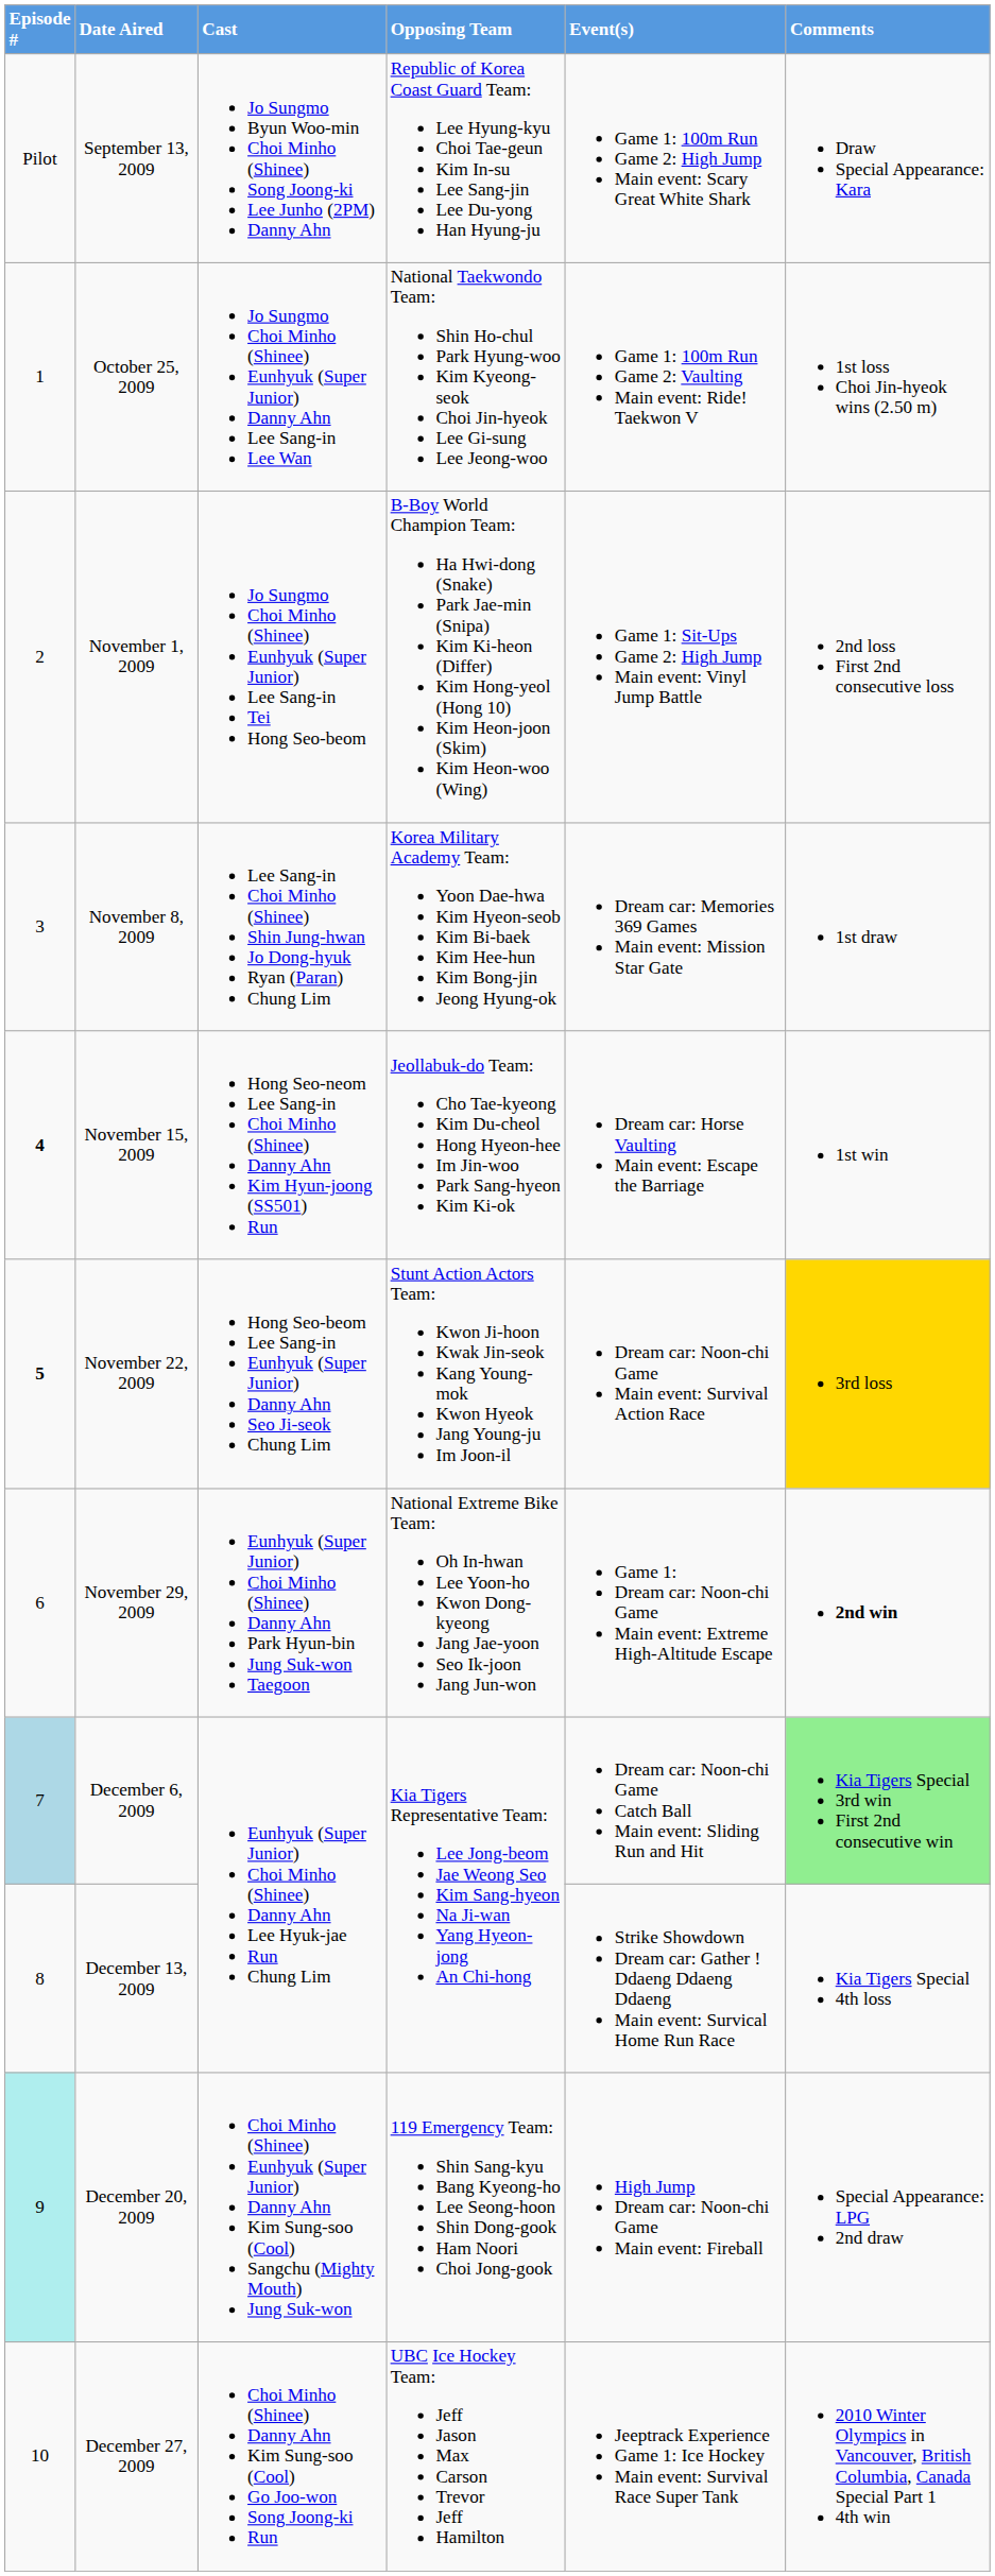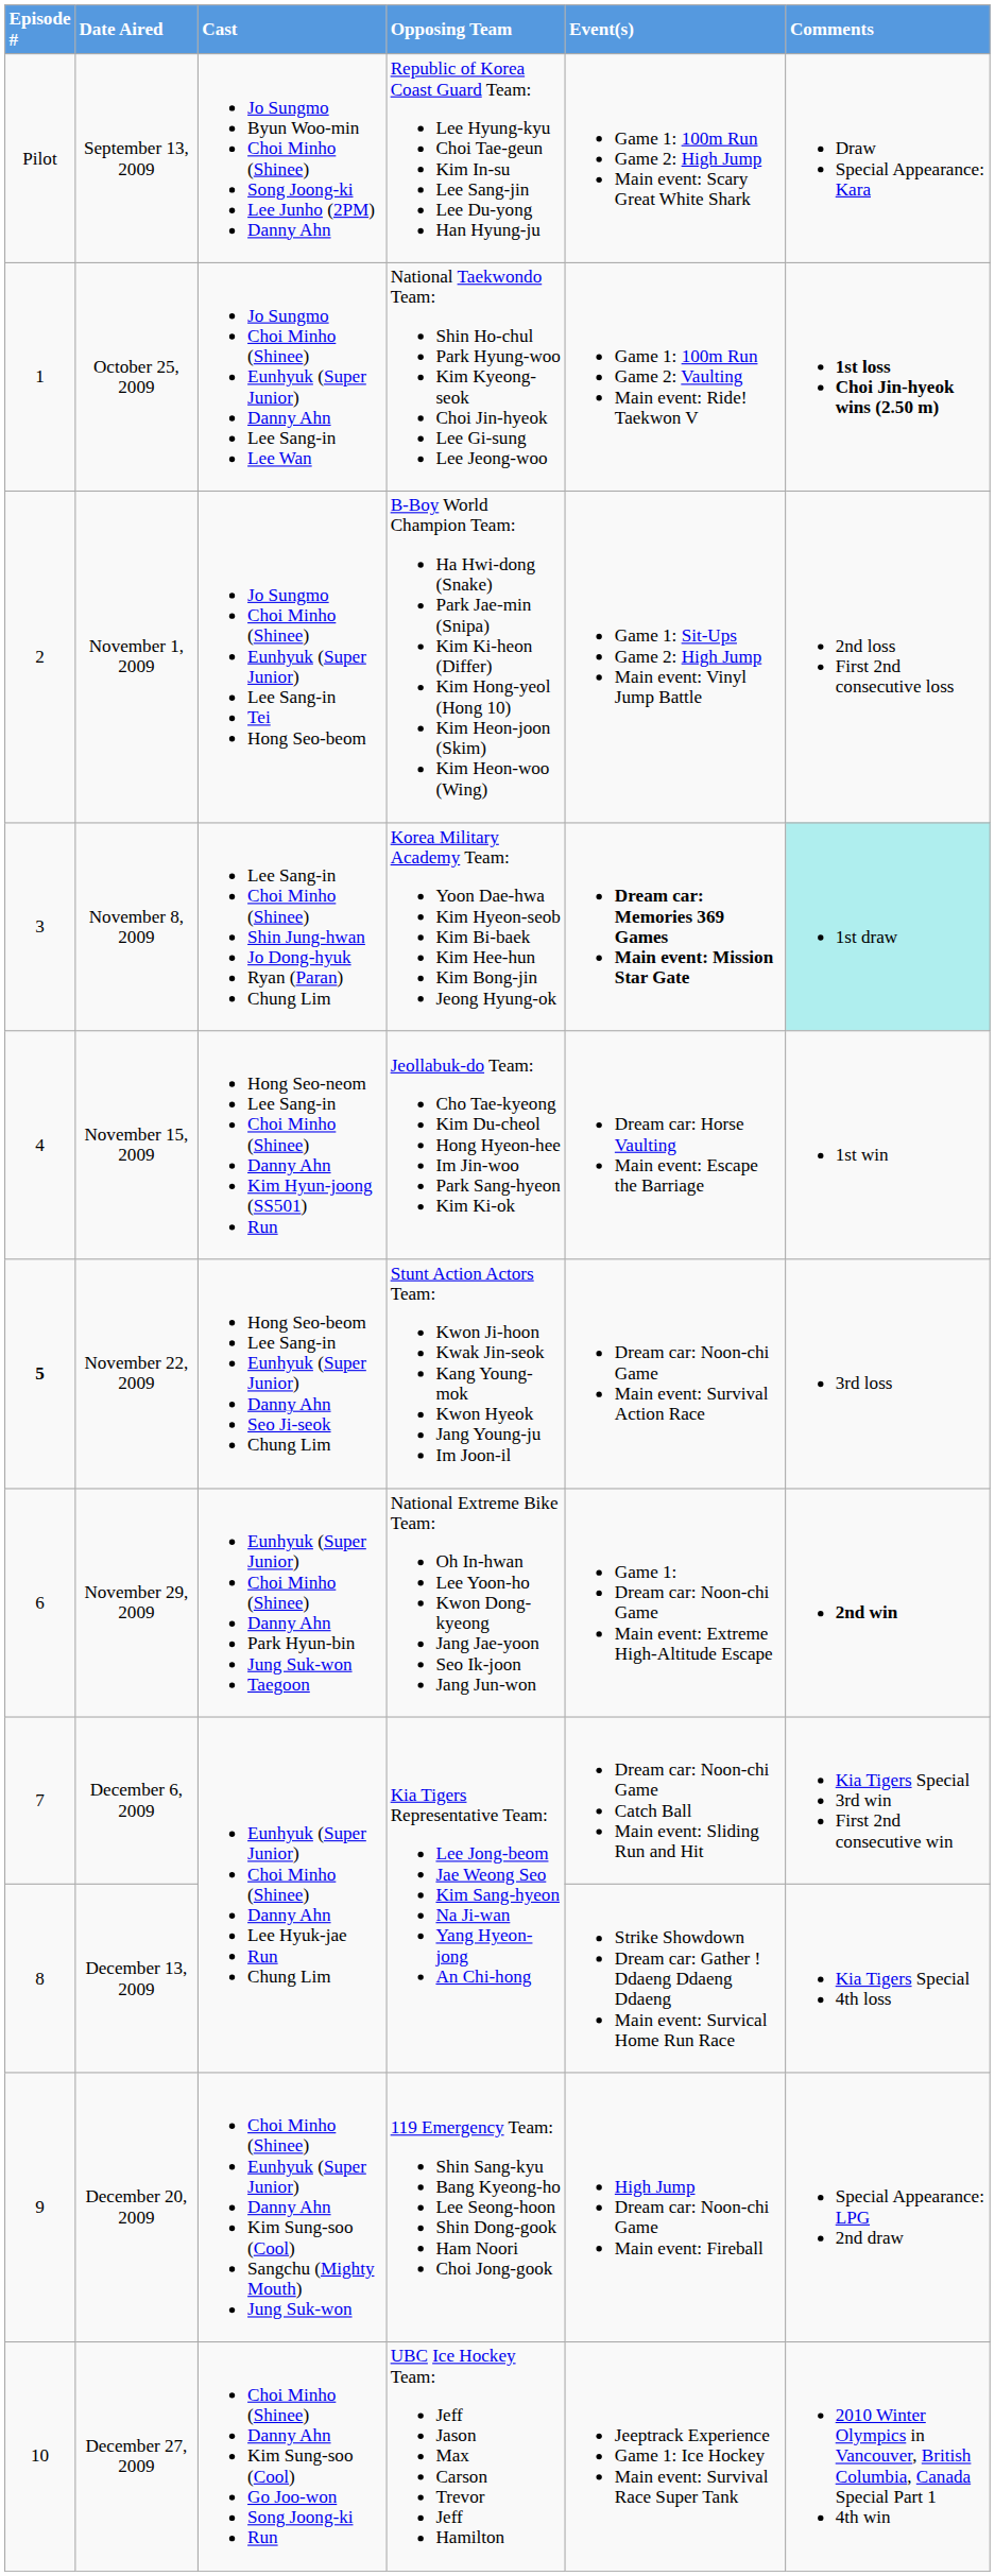 <table class="wikitable">
 <tr>
 <th style="text-align:left; background:#5599df; color:#fff; width:50px;">Episode #</th>
 <th style="text-align:left; background:#5599df; color:#fff; width:150px;">Date Aired</th>
 <th style="text-align:left; background:#5599df; color:#fff; width:250px;">Cast</th>
 <th style="text-align:left; background:#5599df; color:#fff; width:225px;">Opposing Team</th>
 <th style="text-align:left; background:#5599df; color:#fff; width:300px;">Event(s)</th>
 <th style="text-align:left; background:#5599df; color:#fff; width:250px;">Comments</th>
 </tr>
 <tr>
 <td style="text-align:center;">Pilot</td>
 <td style="text-align:center;">September 13, 2009</td>
 <td align="left"><br><ul><li><a href='#'>Jo Sungmo</a></li><li>Byun Woo-min</li><li><a href='#'>Choi Minho</a> (<a href='#'>Shinee</a>)</li><li><a href='#'>Song Joong-ki</a></li><li><a href='#'>Lee Junho</a> (<a href='#'>2PM</a>)</li><li><a href='#'>Danny Ahn</a></li></ul></td>
 <td align="left"><a href='#'>Republic of Korea Coast Guard</a> Team:<br><ul><li>Lee Hyung-kyu</li><li>Choi Tae-geun</li><li>Kim In-su</li><li>Lee Sang-jin</li><li>Lee Du-yong</li><li>Han Hyung-ju</li></ul></td>
 <td align="left"><br><ul><li>Game 1: <a href='#'>100m Run</a></li><li>Game 2: <a href='#'>High Jump</a></li><li>Main event: Scary Great White Shark</li></ul></td>
 <td align="left"><br><ul><li>Draw</li><li>Special Appearance: <a href='#'>Kara</a></li></ul></td>
 </tr>
 <tr>
 <td style="text-align:center;">1</td>
 <td style="text-align:center;">October 25, 2009</td>
 <td align="left"><br><ul><li><a href='#'>Jo Sungmo</a></li><li><a href='#'>Choi Minho</a> (<a href='#'>Shinee</a>)</li><li><a href='#'>Eunhyuk</a> (<a href='#'>Super Junior</a>)</li><li><a href='#'>Danny Ahn</a></li><li>Lee Sang-in</li><li><a href='#'>Lee Wan</a></li></ul></td>
 <td align="left">National <a href='#'>Taekwondo</a> Team:<br><ul><li>Shin Ho-chul</li><li>Park Hyung-woo</li><li>Kim Kyeong-seok</li><li>Choi Jin-hyeok</li><li>Lee Gi-sung</li><li>Lee Jeong-woo</li></ul></td>
 <td align="left"><br><ul><li>Game 1: <a href='#'>100m Run</a></li><li>Game 2: <a href='#'>Vaulting</a></li><li>Main event: Ride! Taekwon V</li></ul></td>
-<td align="left"><br><ul><li>1st loss</li><li>Choi Jin-hyeok wins (2.50 m)</li></ul></td>
+<td align="left"><strong><br><ul><li>1st loss</li><li>Choi Jin-hyeok wins (2.50 m)</li></ul></strong></td>
 </tr>
 <tr>
 <td style="text-align:center;">2</td>
 <td style="text-align:center;">November 1, 2009</td>
 <td align="left"><br><ul><li><a href='#'>Jo Sungmo</a></li><li><a href='#'>Choi Minho</a> (<a href='#'>Shinee</a>)</li><li><a href='#'>Eunhyuk</a> (<a href='#'>Super Junior</a>)</li><li>Lee Sang-in</li><li><a href='#'>Tei</a></li><li>Hong Seo-beom</li></ul></td>
 <td align="left"><a href='#'>B-Boy</a> World Champion Team:<br><ul><li>Ha Hwi-dong (Snake)</li><li>Park Jae-min (Snipa)</li><li>Kim Ki-heon (Differ)</li><li>Kim Hong-yeol (Hong 10)</li><li>Kim Heon-joon (Skim)</li><li>Kim Heon-woo (Wing)</li></ul></td>
 <td align="left"><br><ul><li>Game 1: <a href='#'>Sit-Ups</a></li><li>Game 2: <a href='#'>High Jump</a></li><li>Main event: Vinyl Jump Battle</li></ul></td>
 <td align="left"><br><ul><li>2nd loss</li><li>First 2nd consecutive loss</li></ul></td>
 </tr>
 <tr>
 <td style="text-align:center;">3</td>
 <td style="text-align:center;">November 8, 2009</td>
 <td align="left"><br><ul><li>Lee Sang-in</li><li><a href='#'>Choi Minho</a> (<a href='#'>Shinee</a>)</li><li><a href='#'>Shin Jung-hwan</a></li><li><a href='#'>Jo Dong-hyuk</a></li><li>Ryan (<a href='#'>Paran</a>)</li><li>Chung Lim</li></ul></td>
 <td align="left"><a href='#'>Korea Military Academy</a> Team:<br><ul><li>Yoon Dae-hwa</li><li>Kim Hyeon-seob</li><li>Kim Bi-baek</li><li>Kim Hee-hun</li><li>Kim Bong-jin</li><li>Jeong Hyung-ok</li></ul></td>
-<td align="left"><br><ul><li>Dream car: Memories 369 Games</li><li>Main event: Mission Star Gate</li></ul></td>
-<td align="left"><br><ul><li>1st draw</li></ul></td>
+<td align="left"><strong><br><ul><li>Dream car: Memories 369 Games</li><li>Main event: Mission Star Gate</li></ul></strong></td>
+<td align="left" style="background: paleturquoise;"><br><ul><li>1st draw</li></ul></td>
 </tr>
 <tr>
-<td style="text-align:center;"><strong>4</strong></td>
+<td style="text-align:center;">4</td>
 <td style="text-align:center;">November 15, 2009</td>
 <td align="left"><br><ul><li>Hong Seo-neom</li><li>Lee Sang-in</li><li><a href='#'>Choi Minho</a> (<a href='#'>Shinee</a>)</li><li><a href='#'>Danny Ahn</a></li><li><a href='#'>Kim Hyun-joong</a> (<a href='#'>SS501</a>)</li><li><a href='#'>Run</a></li></ul></td>
 <td align="left"><a href='#'>Jeollabuk-do</a> Team:<br><ul><li>Cho Tae-kyeong</li><li>Kim Du-cheol</li><li>Hong Hyeon-hee</li><li>Im Jin-woo</li><li>Park Sang-hyeon</li><li>Kim Ki-ok</li></ul></td>
 <td align="left"><br><ul><li>Dream car: Horse <a href='#'>Vaulting</a></li><li>Main event: Escape the Barriage</li></ul></td>
 <td align="left"><br><ul><li>1st win</li></ul></td>
 </tr>
 <tr>
 <td style="text-align:center;"><strong>5</strong></td>
 <td style="text-align:center;">November 22, 2009</td>
 <td align="left"><br><ul><li>Hong Seo-beom</li><li>Lee Sang-in</li><li><a href='#'>Eunhyuk</a> (<a href='#'>Super Junior</a>)</li><li><a href='#'>Danny Ahn</a></li><li><a href='#'>Seo Ji-seok</a></li><li>Chung Lim</li></ul></td>
 <td align="left"><a href='#'>Stunt Action Actors</a> Team:<br><ul><li>Kwon Ji-hoon</li><li>Kwak Jin-seok</li><li>Kang Young-mok</li><li>Kwon Hyeok</li><li>Jang Young-ju</li><li>Im Joon-il</li></ul></td>
 <td align="left"><br><ul><li>Dream car: Noon-chi Game</li><li>Main event: Survival Action Race</li></ul></td>
-<td align="left" style="background: gold;"><br><ul><li>3rd loss</li></ul></td>
+<td align="left"><br><ul><li>3rd loss</li></ul></td>
 </tr>
 <tr>
 <td style="text-align:center;">6</td>
 <td style="text-align:center;">November 29, 2009</td>
 <td align="left"><br><ul><li><a href='#'>Eunhyuk</a> (<a href='#'>Super Junior</a>)</li><li><a href='#'>Choi Minho</a> (<a href='#'>Shinee</a>)</li><li><a href='#'>Danny Ahn</a></li><li>Park Hyun-bin</li><li><a href='#'>Jung Suk-won</a></li><li><a href='#'>Taegoon</a></li></ul></td>
 <td align="left">National Extreme Bike Team:<br><ul><li>Oh In-hwan</li><li>Lee Yoon-ho</li><li>Kwon Dong-kyeong</li><li>Jang Jae-yoon</li><li>Seo Ik-joon</li><li>Jang Jun-won</li></ul></td>
 <td align="left"><br><ul><li>Game 1:</li><li>Dream car: Noon-chi Game</li><li>Main event: Extreme High-Altitude Escape</li></ul></td>
 <td align="left"><strong><br><ul><li>2nd win</li></ul></strong></td>
 </tr>
 <tr>
-<td style="background: lightblue; text-align:center;">7</td>
+<td style="text-align:center;">7</td>
 <td style="text-align:center;">December 6, 2009</td>
 <td style="text-align:left;" rowspan="2"><br><ul><li><a href='#'>Eunhyuk</a> (<a href='#'>Super Junior</a>)</li><li><a href='#'>Choi Minho</a> (<a href='#'>Shinee</a>)</li><li><a href='#'>Danny Ahn</a></li><li>Lee Hyuk-jae</li><li><a href='#'>Run</a></li><li>Chung Lim</li></ul></td>
 <td style="text-align:left;" rowspan="2"><a href='#'>Kia Tigers</a> Representative Team:<br><ul><li><a href='#'>Lee Jong-beom</a></li><li><a href='#'>Jae Weong Seo</a></li><li><a href='#'>Kim Sang-hyeon</a></li><li><a href='#'>Na Ji-wan</a></li><li><a href='#'>Yang Hyeon-jong</a></li><li><a href='#'>An Chi-hong</a></li></ul></td>
 <td align="left"><br><ul><li>Dream car: Noon-chi Game</li><li>Catch Ball</li><li>Main event: Sliding Run and Hit</li></ul></td>
-<td align="left" style="background: lightgreen;"><br><ul><li><a href='#'>Kia Tigers</a> Special</li><li>3rd win</li><li>First 2nd consecutive win</li></ul></td>
+<td align="left"><br><ul><li><a href='#'>Kia Tigers</a> Special</li><li>3rd win</li><li>First 2nd consecutive win</li></ul></td>
 </tr>
 <tr>
 <td style="text-align:center;">8</td>
 <td style="text-align:center;">December 13, 2009</td>
 <td align="left"><br><ul><li>Strike Showdown</li><li>Dream car: Gather ! Ddaeng Ddaeng Ddaeng</li><li>Main event: Survical Home Run Race</li></ul></td>
 <td align="left"><br><ul><li><a href='#'>Kia Tigers</a> Special</li><li>4th loss</li></ul></td>
 </tr>
 <tr>
-<td style="background: paleturquoise; text-align:center;">9</td>
+<td style="text-align:center;">9</td>
 <td style="text-align:center;">December 20, 2009</td>
 <td align="left"><br><ul><li><a href='#'>Choi Minho</a> (<a href='#'>Shinee</a>)</li><li><a href='#'>Eunhyuk</a> (<a href='#'>Super Junior</a>)</li><li><a href='#'>Danny Ahn</a></li><li>Kim Sung-soo (<a href='#'>Cool</a>)</li><li>Sangchu (<a href='#'>Mighty Mouth</a>)</li><li><a href='#'>Jung Suk-won</a></li></ul></td>
 <td align="left"><a href='#'>119 Emergency</a> Team:<br><ul><li>Shin Sang-kyu</li><li>Bang Kyeong-ho</li><li>Lee Seong-hoon</li><li>Shin Dong-gook</li><li>Ham Noori</li><li>Choi Jong-gook</li></ul></td>
 <td align="left"><br><ul><li><a href='#'>High Jump</a></li><li>Dream car: Noon-chi Game</li><li>Main event: Fireball</li></ul></td>
 <td align="left"><br><ul><li>Special Appearance: <a href='#'>LPG</a></li><li>2nd draw</li></ul></td>
 </tr>
 <tr>
 <td style="text-align:center;">10</td>
 <td style="text-align:center;">December 27, 2009</td>
 <td align="left"><br><ul><li><a href='#'>Choi Minho</a> (<a href='#'>Shinee</a>)</li><li><a href='#'>Danny Ahn</a></li><li>Kim Sung-soo (<a href='#'>Cool</a>)</li><li><a href='#'>Go Joo-won</a></li><li><a href='#'>Song Joong-ki</a></li><li><a href='#'>Run</a></li></ul></td>
 <td align="left"><a href='#'>UBC</a> <a href='#'>Ice Hockey</a> Team:<br><ul><li>Jeff</li><li>Jason</li><li>Max</li><li>Carson</li><li>Trevor</li><li>Jeff</li><li>Hamilton</li></ul></td>
 <td align="left"><br><ul><li>Jeeptrack Experience</li><li>Game 1: Ice Hockey</li><li>Main event: Survival Race Super Tank</li></ul></td>
 <td align="left"><br><ul><li><a href='#'>2010 Winter Olympics</a> in <a href='#'>Vancouver</a>, <a href='#'>British Columbia</a>, <a href='#'>Canada</a> Special Part 1</li><li>4th win</li></ul></td>
 </tr>
 </table>
